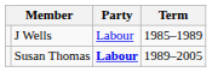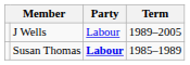 <table class="wikitable">
 <tr>
 <th colspan="2">Member</th>
 <th>Party</th>
 <th>Term</th>
 </tr>
 <tr>
 <td style="background-color: "></td>
 <td>J Wells</td>
 <td><a href='#'>Labour</a></td>
-<td>1985–1989</td>
+<td>1989–2005</td>
 </tr>
 <tr>
 <td style="background-color: "></td>
 <td>Susan Thomas</td>
 <td><strong><a href='#'>Labour</a></strong></td>
-<td>1989–2005</td>
+<td>1985–1989</td>
 </tr>
 </table>
